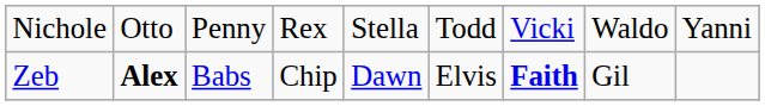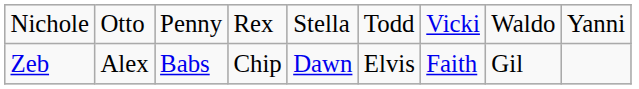 <table class="wikitable">
 <tr>
 <td>Nichole</td>
 <td>Otto</td>
 <td>Penny</td>
 <td>Rex</td>
 <td>Stella</td>
 <td>Todd</td>
 <td><a href='#'>Vicki</a></td>
 <td>Waldo</td>
 <td>Yanni</td>
 </tr>
 <tr>
 <td><a href='#'>Zeb</a></td>
-<td><strong>Alex</strong></td>
+<td>Alex</td>
 <td><a href='#'>Babs</a></td>
 <td>Chip</td>
 <td><a href='#'>Dawn</a></td>
 <td>Elvis</td>
-<td><strong><a href='#'>Faith</a></strong></td>
+<td><a href='#'>Faith</a></td>
 <td>Gil</td>
 </tr>
 </table>
